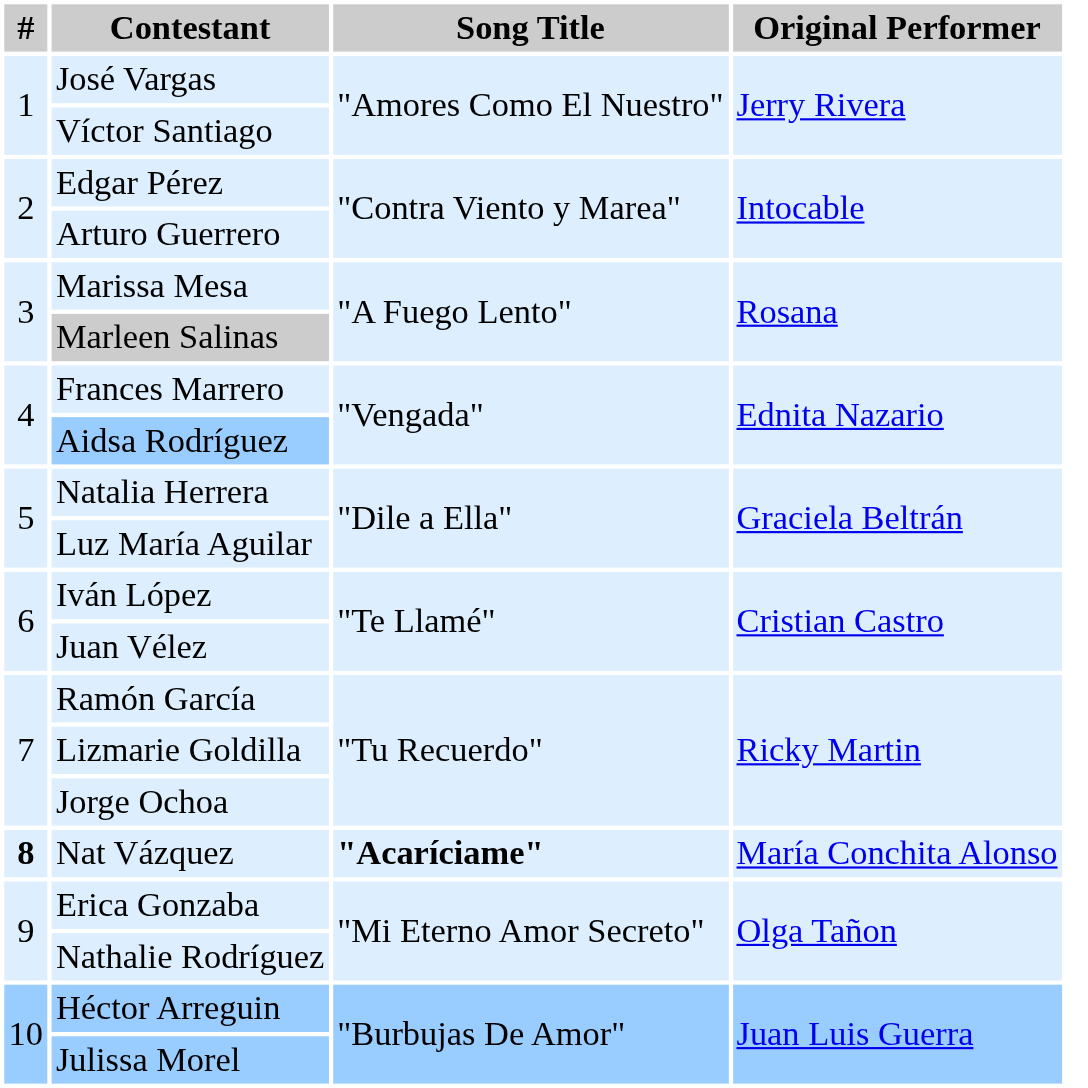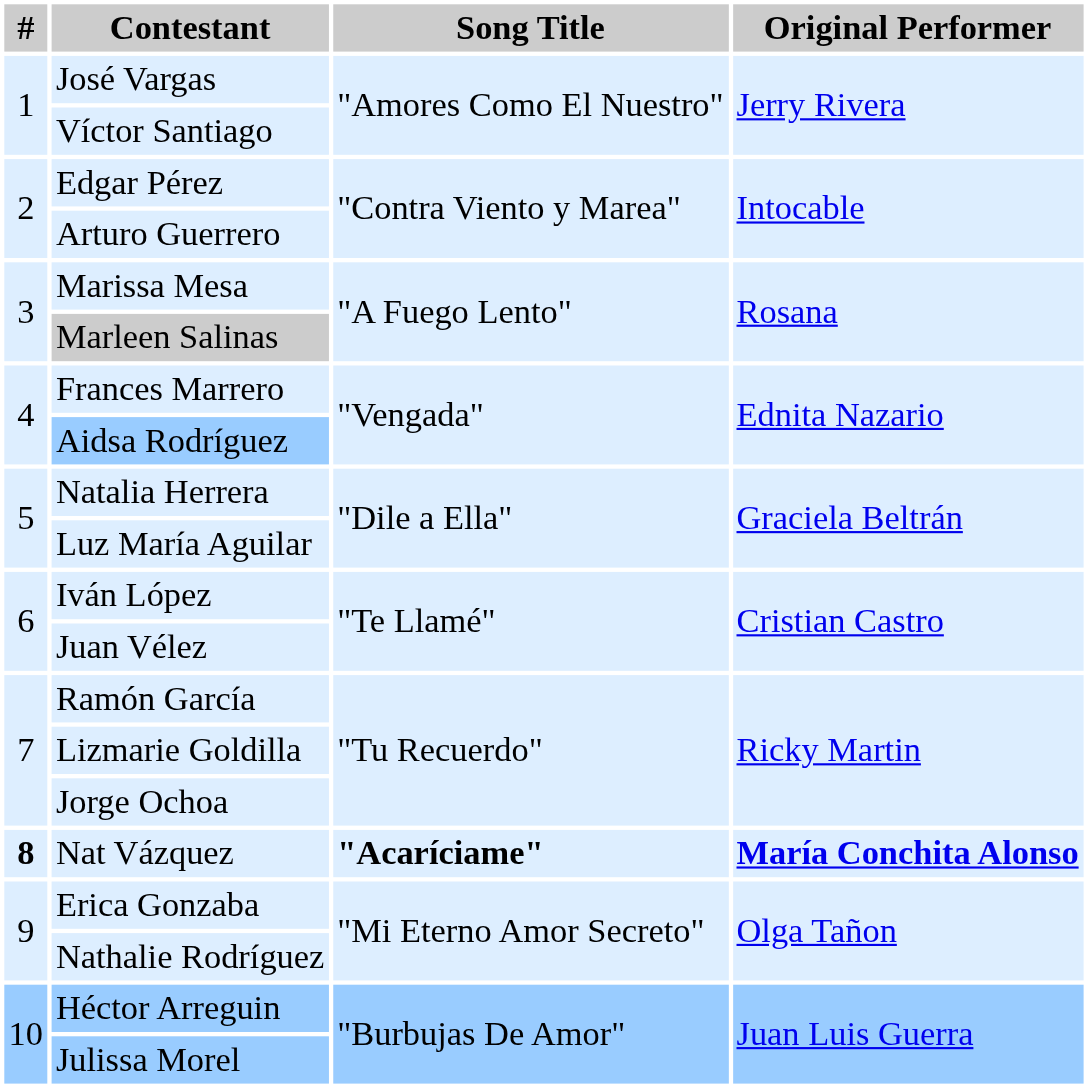 <table cellpadding=2 cellspacing=2>
 <tr bgcolor=#cccccc>
 <th>#</th>
 <th>Contestant</th>
 <th>Song Title</th>
 <th>Original Performer</th>
 </tr>
 <tr bgcolor=#DDEEFF>
 <td rowspan="2" align=center>1</td>
 <td>José Vargas</td>
 <td rowspan="2">"Amores Como El Nuestro"</td>
 <td rowspan="2"><a href='#'>Jerry Rivera</a></td>
 </tr>
 <tr bgcolor=#DDEEFF>
 <td>Víctor Santiago</td>
 </tr>
 <tr bgcolor=#DDEEFF>
 <td rowspan="2" align=center>2</td>
 <td>Edgar Pérez</td>
 <td rowspan="2">"Contra Viento y Marea"</td>
 <td rowspan="2"><a href='#'>Intocable</a></td>
 </tr>
 <tr bgcolor=#DDEEFF>
 <td>Arturo Guerrero</td>
 </tr>
 <tr bgcolor=#DDEEFF>
 <td rowspan="2" align=center>3</td>
 <td>Marissa Mesa</td>
 <td rowspan="2">"A Fuego Lento"</td>
 <td rowspan="2"><a href='#'>Rosana</a></td>
 </tr>
 <tr bgcolor=#CCCCCC>
 <td>Marleen Salinas</td>
 </tr>
 <tr bgcolor=#DDEEFF>
 <td rowspan="2" align=center>4</td>
 <td>Frances Marrero</td>
 <td rowspan="2">"Vengada"</td>
 <td rowspan="2"><a href='#'>Ednita Nazario</a></td>
 </tr>
 <tr bgcolor=#99CCFF>
 <td>Aidsa Rodríguez</td>
 </tr>
 <tr bgcolor=#DDEEFF>
 <td rowspan="2" align=center>5</td>
 <td>Natalia Herrera</td>
 <td rowspan="2">"Dile a Ella"</td>
 <td rowspan="2"><a href='#'>Graciela Beltrán</a></td>
 </tr>
 <tr bgcolor=#DDEEFF>
 <td>Luz María Aguilar</td>
 </tr>
 <tr bgcolor=#DDEEFF>
 <td rowspan="2" align=center>6</td>
 <td>Iván López</td>
 <td rowspan="2">"Te Llamé"</td>
 <td rowspan="2"><a href='#'>Cristian Castro</a></td>
 </tr>
 <tr bgcolor=#DDEEFF>
 <td>Juan Vélez</td>
 </tr>
 <tr bgcolor=#DDEEFF>
 <td rowspan="3" align=center>7</td>
 <td>Ramón García</td>
 <td rowspan="3">"Tu Recuerdo"</td>
 <td rowspan="3"><a href='#'>Ricky Martin</a></td>
 </tr>
 <tr bgcolor=#DDEEFF>
 <td>Lizmarie Goldilla</td>
 </tr>
 <tr bgcolor=#DDEEFF>
 <td>Jorge Ochoa</td>
 </tr>
 <tr bgcolor=#DDEEFF>
 <td align=center><strong>8</strong></td>
 <td>Nat Vázquez</td>
 <td><strong>"Acaríciame"</strong></td>
-<td><a href='#'>María Conchita Alonso</a></td>
+<td><strong><a href='#'>María Conchita Alonso</a></strong></td>
 </tr>
 <tr bgcolor=#DDEEFF>
 <td rowspan="2" align=center>9</td>
 <td>Erica Gonzaba</td>
 <td rowspan="2">"Mi Eterno Amor Secreto"</td>
 <td rowspan="2"><a href='#'>Olga Tañon</a></td>
 </tr>
 <tr bgcolor=#DDEEFF>
 <td>Nathalie Rodríguez</td>
 </tr>
 <tr bgcolor=#99CCFF>
 <td rowspan="2" align=center>10</td>
 <td>Héctor Arreguin</td>
 <td rowspan="2">"Burbujas De Amor"</td>
 <td rowspan="2"><a href='#'>Juan Luis Guerra</a></td>
 </tr>
 <tr bgcolor=#99CCFF>
 <td>Julissa Morel</td>
 </tr>
 </table>
